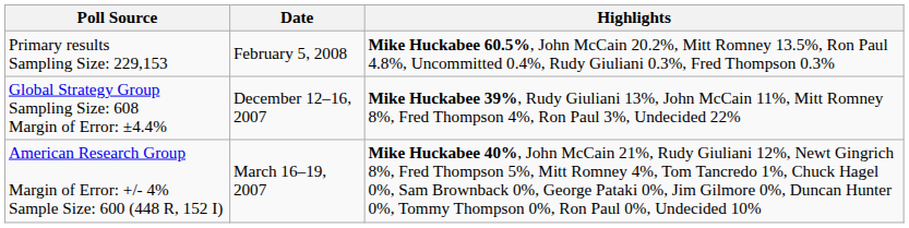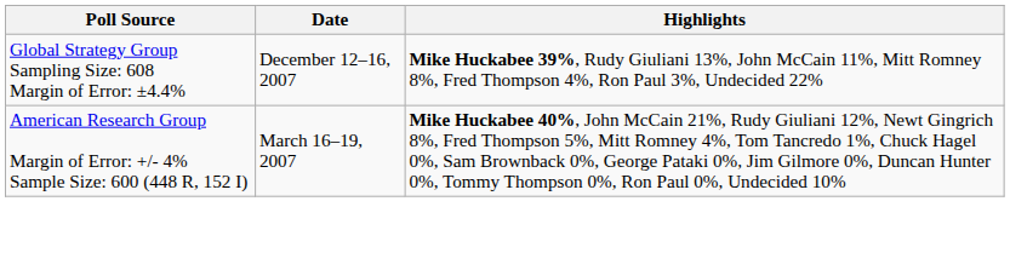 <table class="wikitable sortable">
 <tr>
 <th width="25%">Poll Source</th>
 <th width="15%">Date</th>
 <th width="60%">Highlights</th>
-</tr>
-<tr>
-<td>Primary results<br>Sampling Size: 229,153<br></td>
-<td>February 5, 2008</td>
-<td><strong>Mike Huckabee 60.5%</strong>, John McCain 20.2%, Mitt Romney 13.5%, Ron Paul 4.8%, Uncommitted 0.4%, Rudy Giuliani 0.3%, Fred Thompson 0.3%</td>
 </tr>
 <tr>
 <td><a href='#'>Global Strategy Group</a><br>Sampling Size: 608<br> Margin of Error: ±4.4%</td>
 <td>December 12–16, 2007</td>
 <td><strong>Mike Huckabee 39%</strong>, Rudy Giuliani 13%, John McCain 11%, Mitt Romney 8%, Fred Thompson 4%, Ron Paul 3%, Undecided 22%</td>
 </tr>
 <tr>
 <td><a href='#'>American Research Group</a><br><br>Margin of Error: +/- 4%<br>Sample Size: 600 (448 R, 152 I)</td>
 <td>March 16–19, 2007</td>
 <td><strong>Mike Huckabee 40%</strong>, John McCain 21%, Rudy Giuliani 12%, Newt Gingrich 8%, Fred Thompson 5%, Mitt Romney 4%, Tom Tancredo 1%, Chuck Hagel 0%, Sam Brownback 0%, George Pataki 0%, Jim Gilmore 0%, Duncan Hunter 0%, Tommy Thompson 0%, Ron Paul 0%, Undecided 10%</td>
 </tr>
 </table>
